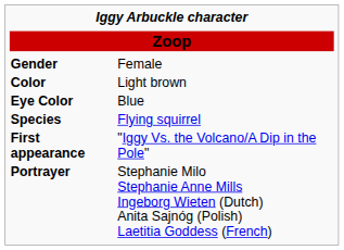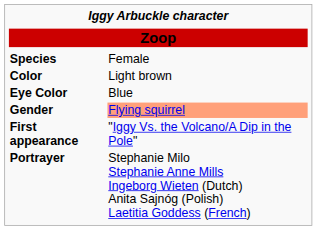 <table class="infobox" style="width: 25em;">
 <tr>
 <td colspan="2" style="text-align:center;"><strong><em>Iggy Arbuckle character</em></strong></td>
 </tr>
 <tr>
 <td colspan="2" style="text-align:center;"></td>
 </tr>
 <tr>
 <th colspan="2" style="font-size: larger; background-color:#c00; color:#000;"><strong>Zoop</strong></th>
 </tr>
 <tr>
 <td colspan="2"></td>
 </tr>
 <tr>
-<td><strong>Gender</strong></td>
+<td><strong>Species</strong></td>
 <td>Female</td>
 </tr>
 <tr>
 <td><strong>Color</strong></td>
 <td>Light brown</td>
 </tr>
 <tr>
 <td><strong>Eye Color</strong></td>
 <td>Blue</td>
 </tr>
 <tr>
-<td><strong>Species</strong></td>
-<td><a href='#'>Flying squirrel</a></td>
+<td><strong>Gender</strong></td>
+<td style="background: lightsalmon;"><a href='#'>Flying squirrel</a></td>
 </tr>
 <tr>
 <td><strong>First appearance</strong></td>
 <td>"<a href='#'>Iggy Vs. the Volcano/A Dip in the Pole</a>"</td>
 </tr>
 <tr>
 <td><strong>Portrayer</strong></td>
 <td>Stephanie Milo<br><a href='#'>Stephanie Anne Mills</a><br><a href='#'>Ingeborg Wieten</a> (Dutch)<br>Anita Sajnóg (Polish)<br><a href='#'>Laetitia Goddess</a> (<a href='#'>French</a>)</td>
 </tr>
 </table>
